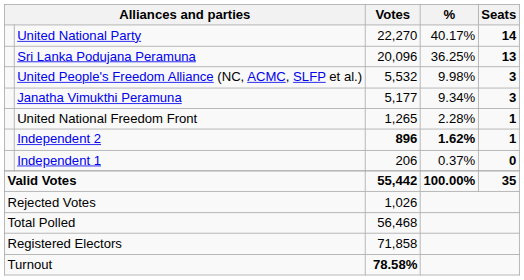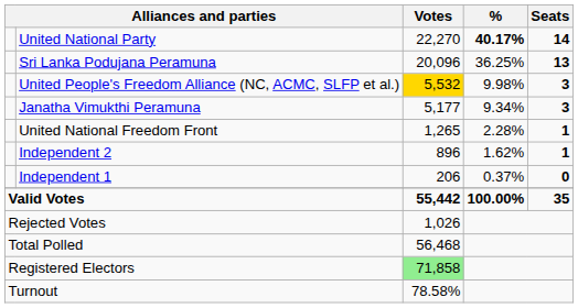 <table class="wikitable" border="1" style="text-align:right;">
 <tr>
 <th valign=bottom align=left colspan=2>Alliances and parties</th>
 <th valign=bottom align=center width="60">Votes</th>
 <th valign=bottom align=center width="50">%</th>
 <th valign=bottom align=center>Seats</th>
 </tr>
 <tr>
 <td bgcolor=> </td>
 <td align=left><a href='#'>United National Party</a></td>
 <td>22,270</td>
-<td>40.17%</td>
+<td><strong>40.17%</strong></td>
 <td><strong>14</strong></td>
 </tr>
 <tr>
 <td bgcolor=> </td>
 <td align=left><a href='#'>Sri Lanka Podujana Peramuna</a></td>
 <td>20,096</td>
 <td>36.25%</td>
 <td><strong>13</strong></td>
 </tr>
 <tr>
 <td bgcolor=> </td>
 <td align=left><a href='#'>United People's Freedom Alliance</a> (NC, <a href='#'>ACMC</a>, <a href='#'>SLFP</a> et al.)</td>
-<td>5,532</td>
+<td style="background: gold;">5,532</td>
 <td>9.98%</td>
 <td><strong>3</strong></td>
 </tr>
 <tr>
 <td bgcolor=> </td>
 <td align=left><a href='#'>Janatha Vimukthi Peramuna</a></td>
 <td>5,177</td>
 <td>9.34%</td>
 <td><strong>3</strong></td>
 </tr>
 <tr>
 <td></td>
 <td align=left>United National Freedom Front</td>
 <td>1,265</td>
 <td>2.28%</td>
 <td><strong>1</strong></td>
 </tr>
 <tr>
 <td></td>
 <td align=left><a href='#'>Independent 2</a></td>
-<td><strong>896</strong></td>
-<td><strong>1.62%</strong></td>
+<td>896</td>
+<td>1.62%</td>
 <td><strong>1</strong></td>
 </tr>
 <tr>
 <td></td>
 <td align=left><a href='#'>Independent 1</a></td>
 <td>206</td>
 <td>0.37%</td>
 <td><strong>0</strong></td>
 </tr>
 <tr>
 </tr>
 <tr>
 </tr>
 <tr>
 <td colspan=2 align=left><strong>Valid Votes</strong></td>
 <td><strong>55,442</strong></td>
 <td><strong>100.00%</strong></td>
 <td><strong>35</strong></td>
 </tr>
 <tr>
 <td colspan=2 align=left>Rejected Votes</td>
 <td>1,026</td>
 <td colspan=2></td>
 </tr>
 <tr>
 <td colspan=2 align=left>Total Polled</td>
 <td>56,468</td>
 <td colspan=2></td>
 </tr>
 <tr>
 <td colspan=2 align=left>Registered Electors</td>
-<td>71,858</td>
+<td style="background: lightgreen;">71,858</td>
 <td colspan=2></td>
 </tr>
 <tr>
 <td colspan=2 align=left>Turnout</td>
-<td><strong>78.58%</strong></td>
+<td>78.58%</td>
 <td colspan=2></td>
 </tr>
 </table>
